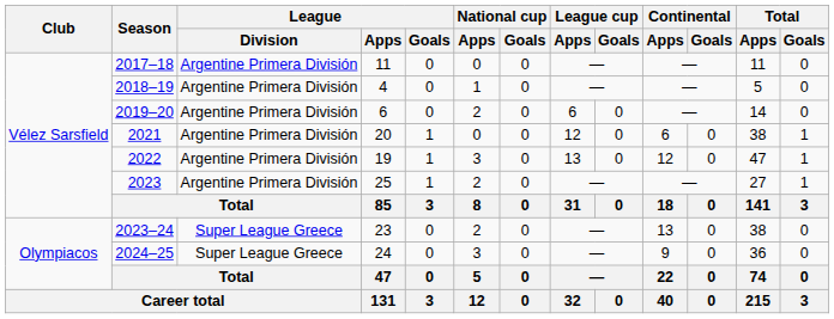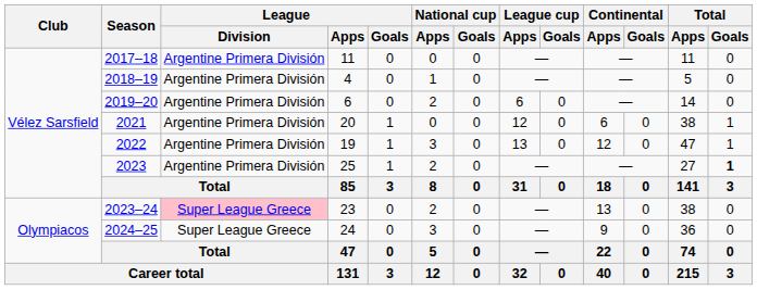 <table class="wikitable" style="text-align:center">
 <tr>
 <th rowspan="2">Club</th>
 <th rowspan="2">Season</th>
 <th colspan="3">League</th>
 <th colspan="2">National cup</th>
 <th colspan="2">League cup</th>
 <th colspan="2">Continental</th>
 <th colspan="2">Total</th>
 </tr>
 <tr>
 <th>Division</th>
 <th>Apps</th>
 <th>Goals</th>
 <th>Apps</th>
 <th>Goals</th>
 <th>Apps</th>
 <th>Goals</th>
 <th>Apps</th>
 <th>Goals</th>
 <th>Apps</th>
 <th>Goals</th>
 </tr>
 <tr>
 <td rowspan="7"><a href='#'>Vélez Sarsfield</a></td>
 <td><a href='#'>2017–18</a></td>
 <td><a href='#'>Argentine Primera División</a></td>
 <td>11</td>
 <td>0</td>
 <td>0</td>
 <td>0</td>
 <td colspan="2">—</td>
 <td colspan="2">—</td>
 <td>11</td>
 <td>0</td>
 </tr>
 <tr>
 <td><a href='#'>2018–19</a></td>
 <td>Argentine Primera División</td>
 <td>4</td>
 <td>0</td>
 <td>1</td>
 <td>0</td>
 <td colspan="2">—</td>
 <td colspan="2">—</td>
 <td>5</td>
 <td>0</td>
 </tr>
 <tr>
 <td><a href='#'>2019–20</a></td>
 <td>Argentine Primera División</td>
 <td>6</td>
 <td>0</td>
 <td>2</td>
 <td>0</td>
 <td>6</td>
 <td>0</td>
 <td colspan="2">—</td>
 <td>14</td>
 <td>0</td>
 </tr>
 <tr>
 <td><a href='#'>2021</a></td>
 <td>Argentine Primera División</td>
 <td>20</td>
 <td>1</td>
 <td>0</td>
 <td>0</td>
 <td>12</td>
 <td>0</td>
 <td>6</td>
 <td>0</td>
 <td>38</td>
 <td>1</td>
 </tr>
 <tr>
 <td><a href='#'>2022</a></td>
 <td>Argentine Primera División</td>
 <td>19</td>
 <td>1</td>
 <td>3</td>
 <td>0</td>
 <td>13</td>
 <td>0</td>
 <td>12</td>
 <td>0</td>
 <td>47</td>
 <td>1</td>
 </tr>
 <tr>
 <td><a href='#'>2023</a></td>
 <td>Argentine Primera División</td>
 <td>25</td>
 <td>1</td>
 <td>2</td>
 <td>0</td>
 <td colspan="2">—</td>
 <td colspan="2">—</td>
 <td>27</td>
-<td>1</td>
+<td><strong>1</strong></td>
 </tr>
 <tr>
 <th colspan="2">Total</th>
 <th>85</th>
 <th>3</th>
 <th>8</th>
 <th>0</th>
 <th>31</th>
 <th>0</th>
 <th>18</th>
 <th>0</th>
 <th>141</th>
 <th>3</th>
 </tr>
 <tr>
 <td rowspan="3"><a href='#'>Olympiacos</a></td>
 <td><a href='#'>2023–24</a></td>
-<td><a href='#'>Super League Greece</a></td>
+<td style="background: pink;"><a href='#'>Super League Greece</a></td>
 <td>23</td>
 <td>0</td>
 <td>2</td>
 <td>0</td>
 <td colspan="2">—</td>
 <td>13</td>
 <td>0</td>
 <td>38</td>
 <td>0</td>
 </tr>
 <tr>
 <td><a href='#'>2024–25</a></td>
 <td>Super League Greece</td>
 <td>24</td>
 <td>0</td>
 <td>3</td>
 <td>0</td>
 <td colspan="2">—</td>
 <td>9</td>
 <td>0</td>
 <td>36</td>
 <td>0</td>
 </tr>
 <tr>
 <th colspan="2">Total</th>
 <th>47</th>
 <th>0</th>
 <th>5</th>
 <th>0</th>
 <th colspan="2">—</th>
 <th>22</th>
 <th>0</th>
 <th>74</th>
 <th>0</th>
 </tr>
 <tr>
 <th colspan="3">Career total</th>
 <th>131</th>
 <th>3</th>
 <th>12</th>
 <th>0</th>
 <th>32</th>
 <th>0</th>
 <th>40</th>
 <th>0</th>
 <th>215</th>
 <th>3</th>
 </tr>
 </table>
